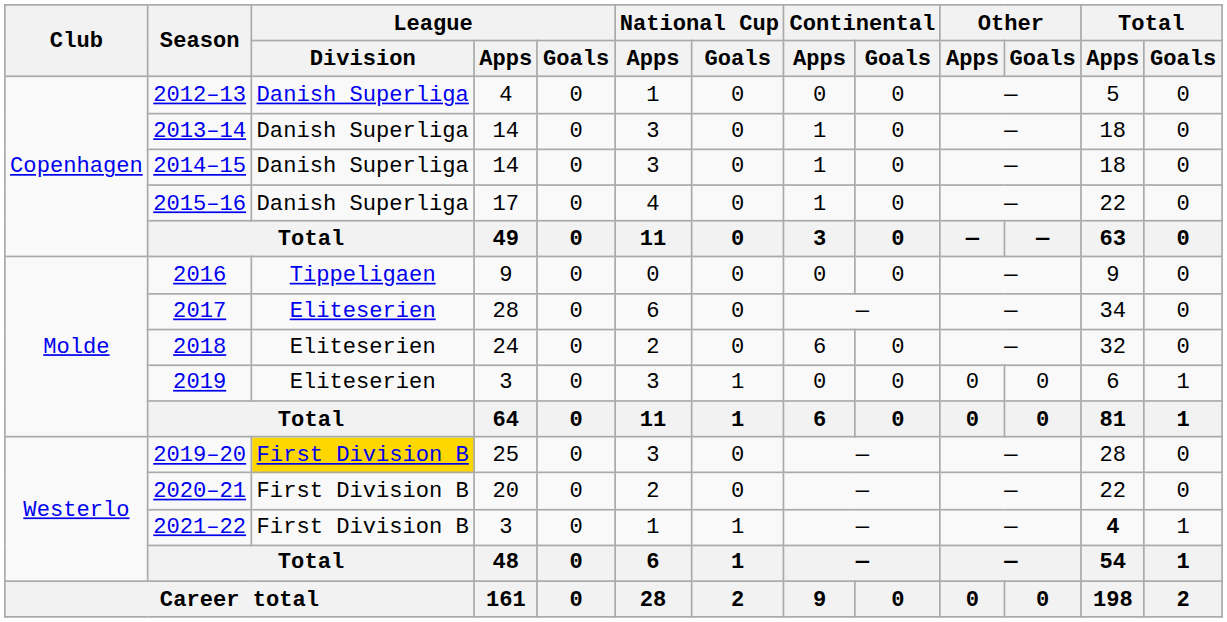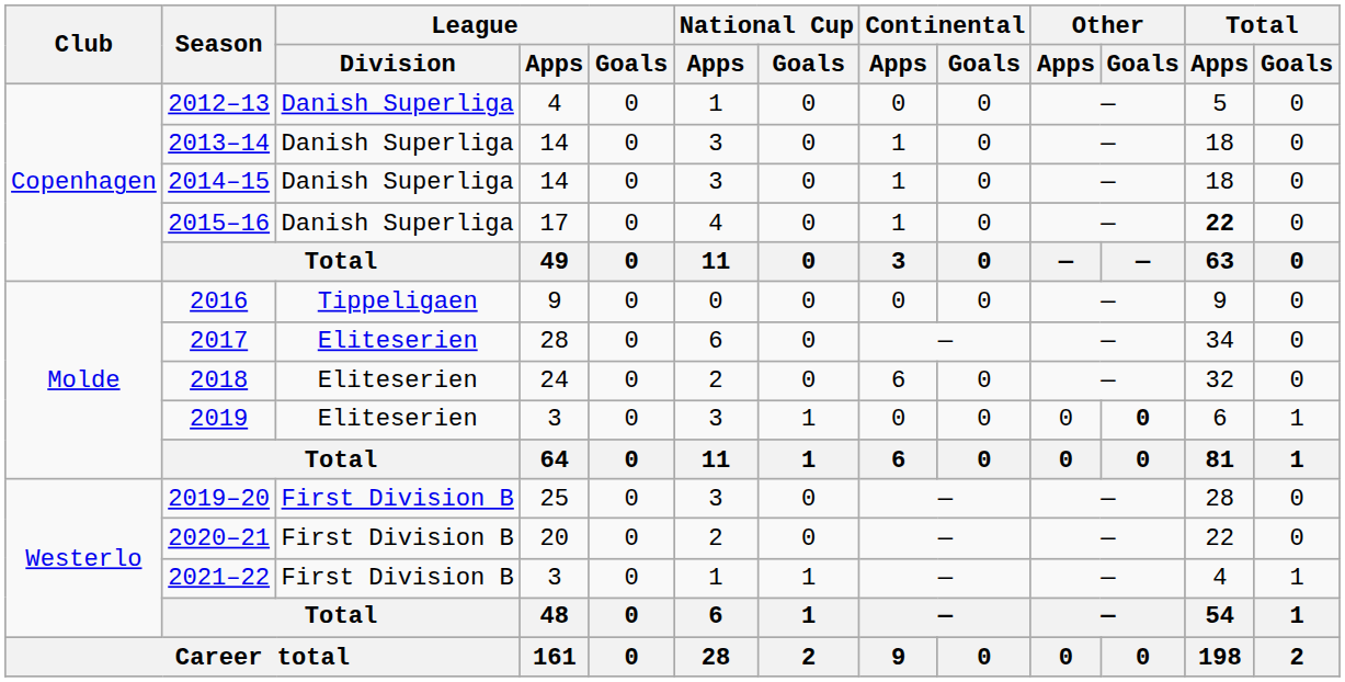 <table class="wikitable" style="text-align: center;">
 <tr>
 <th rowspan="2">Club</th>
 <th rowspan="2">Season</th>
 <th colspan="3">League</th>
 <th colspan="2">National Cup</th>
 <th colspan="2">Continental</th>
 <th colspan="2">Other</th>
 <th colspan="2">Total</th>
 </tr>
 <tr>
 <th>Division</th>
 <th>Apps</th>
 <th>Goals</th>
 <th>Apps</th>
 <th>Goals</th>
 <th>Apps</th>
 <th>Goals</th>
 <th>Apps</th>
 <th>Goals</th>
 <th>Apps</th>
 <th>Goals</th>
 </tr>
 <tr>
 <td rowspan="5"><a href='#'>Copenhagen</a></td>
 <td><a href='#'>2012–13</a></td>
 <td><a href='#'>Danish Superliga</a></td>
 <td>4</td>
 <td>0</td>
 <td>1</td>
 <td>0</td>
 <td>0</td>
 <td>0</td>
 <td colspan="2">—</td>
 <td>5</td>
 <td>0</td>
 </tr>
 <tr>
 <td><a href='#'>2013–14</a></td>
 <td>Danish Superliga</td>
 <td>14</td>
 <td>0</td>
 <td>3</td>
 <td>0</td>
 <td>1</td>
 <td>0</td>
 <td colspan="2">—</td>
 <td>18</td>
 <td>0</td>
 </tr>
 <tr>
 <td><a href='#'>2014–15</a></td>
 <td>Danish Superliga</td>
 <td>14</td>
 <td>0</td>
 <td>3</td>
 <td>0</td>
 <td>1</td>
 <td>0</td>
 <td colspan="2">—</td>
 <td>18</td>
 <td>0</td>
 </tr>
 <tr>
 <td><a href='#'>2015–16</a></td>
 <td>Danish Superliga</td>
 <td>17</td>
 <td>0</td>
 <td>4</td>
 <td>0</td>
 <td>1</td>
 <td>0</td>
 <td colspan="2">—</td>
-<td>22</td>
+<td><strong>22</strong></td>
 <td>0</td>
 </tr>
 <tr>
 <th colspan="2">Total</th>
 <th>49</th>
 <th>0</th>
 <th>11</th>
 <th>0</th>
 <th>3</th>
 <th>0</th>
 <th>—</th>
 <th>—</th>
 <th>63</th>
 <th>0</th>
 </tr>
 <tr>
 <td rowspan="5"><a href='#'>Molde</a></td>
 <td><a href='#'>2016</a></td>
 <td><a href='#'>Tippeligaen</a></td>
 <td>9</td>
 <td>0</td>
 <td>0</td>
 <td>0</td>
 <td>0</td>
 <td>0</td>
 <td colspan="2">—</td>
 <td>9</td>
 <td>0</td>
 </tr>
 <tr>
 <td><a href='#'>2017</a></td>
 <td><a href='#'>Eliteserien</a></td>
 <td>28</td>
 <td>0</td>
 <td>6</td>
 <td>0</td>
 <td colspan="2">—</td>
 <td colspan="2">—</td>
 <td>34</td>
 <td>0</td>
 </tr>
 <tr>
 <td><a href='#'>2018</a></td>
 <td>Eliteserien</td>
 <td>24</td>
 <td>0</td>
 <td>2</td>
 <td>0</td>
 <td>6</td>
 <td>0</td>
 <td colspan="2">—</td>
 <td>32</td>
 <td>0</td>
 </tr>
 <tr>
 <td><a href='#'>2019</a></td>
 <td>Eliteserien</td>
 <td>3</td>
 <td>0</td>
 <td>3</td>
 <td>1</td>
 <td>0</td>
 <td>0</td>
 <td>0</td>
-<td>0</td>
+<td><strong>0</strong></td>
 <td>6</td>
 <td>1</td>
 </tr>
 <tr>
 <th colspan="2">Total</th>
 <th>64</th>
 <th>0</th>
 <th>11</th>
 <th>1</th>
 <th>6</th>
 <th>0</th>
 <th>0</th>
 <th>0</th>
 <th>81</th>
 <th>1</th>
 </tr>
 <tr>
 <td rowspan="4"><a href='#'>Westerlo</a></td>
 <td><a href='#'>2019–20</a></td>
-<td style="background: gold;"><a href='#'>First Division B</a></td>
+<td><a href='#'>First Division B</a></td>
 <td>25</td>
 <td>0</td>
 <td>3</td>
 <td>0</td>
 <td colspan="2">—</td>
 <td colspan="2">—</td>
 <td>28</td>
 <td>0</td>
 </tr>
 <tr>
 <td><a href='#'>2020–21</a></td>
 <td>First Division B</td>
 <td>20</td>
 <td>0</td>
 <td>2</td>
 <td>0</td>
 <td colspan="2">—</td>
 <td colspan="2">—</td>
 <td>22</td>
 <td>0</td>
 </tr>
 <tr>
 <td><a href='#'>2021–22</a></td>
 <td>First Division B</td>
 <td>3</td>
 <td>0</td>
 <td>1</td>
 <td>1</td>
 <td colspan="2">—</td>
 <td colspan="2">—</td>
-<td><strong>4</strong></td>
+<td>4</td>
 <td>1</td>
 </tr>
 <tr>
 <th colspan="2">Total</th>
 <th>48</th>
 <th>0</th>
 <th>6</th>
 <th>1</th>
 <th colspan="2">—</th>
 <th colspan="2">—</th>
 <th>54</th>
 <th>1</th>
 </tr>
 <tr>
 <th colspan="3">Career total</th>
 <th>161</th>
 <th>0</th>
 <th>28</th>
 <th>2</th>
 <th>9</th>
 <th>0</th>
 <th>0</th>
 <th>0</th>
 <th>198</th>
 <th>2</th>
 </tr>
 </table>
